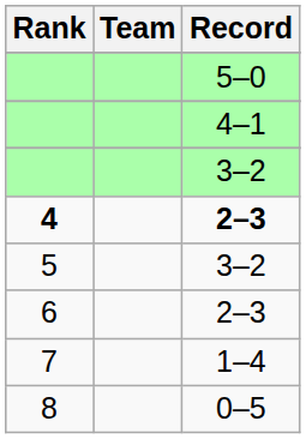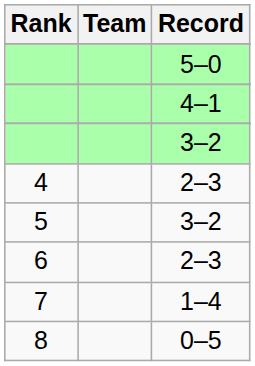 <table class="wikitable">
 <tr>
 <th>Rank</th>
 <th>Team</th>
 <th>Record</th>
 </tr>
 <tr>
 </tr>
 <tr bgcolor=#aaffaa>
 <td align=center></td>
 <td></td>
 <td align=center>5–0</td>
 </tr>
 <tr>
 </tr>
 <tr bgcolor=#aaffaa>
 <td align=center></td>
 <td></td>
 <td align=center>4–1</td>
 </tr>
 <tr>
 </tr>
 <tr bgcolor=#aaffaa>
 <td align=center></td>
 <td></td>
 <td align=center>3–2</td>
 </tr>
 <tr bgcolor=>
-<td align=center><strong>4</strong></td>
+<td align=center>4</td>
 <td></td>
-<td align=center><strong>2–3</strong></td>
+<td align=center>2–3</td>
 </tr>
 <tr>
 <td align=center>5</td>
 <td></td>
 <td align=center>3–2</td>
 </tr>
 <tr>
 <td align=center>6</td>
 <td></td>
 <td align=center>2–3</td>
 </tr>
 <tr>
 <td align=center>7</td>
 <td></td>
 <td align=center>1–4</td>
 </tr>
 <tr>
 <td align=center>8</td>
 <td></td>
 <td align=center>0–5</td>
 </tr>
 </table>
